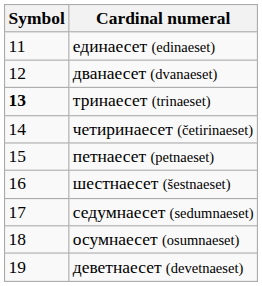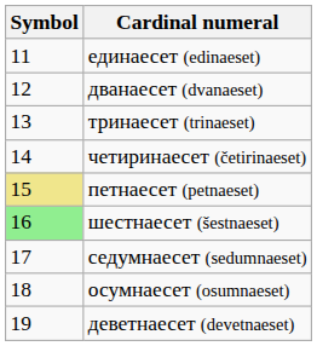 <table class="wikitable" align="center">
 <tr>
 <th>Symbol</th>
 <th>Cardinal numeral</th>
 </tr>
 <tr>
 <td>11</td>
 <td>единаесет <small>(edinaeset)</small></td>
 </tr>
 <tr>
 <td>12</td>
 <td>дванаесет <small>(dvanaeset)</small></td>
 </tr>
 <tr>
-<td><strong>13</strong></td>
+<td>13</td>
 <td>тринаесет <small>(trinaeset)</small></td>
 </tr>
 <tr>
 <td>14</td>
 <td>четиринаесет <small>(četirinaeset)</small></td>
 </tr>
 <tr>
-<td>15</td>
+<td style="background: khaki;">15</td>
 <td>петнаесет <small>(petnaeset)</small></td>
 </tr>
 <tr>
-<td>16</td>
+<td style="background: lightgreen;">16</td>
 <td>шестнаесет <small>(šestnaeset)</small></td>
 </tr>
 <tr>
 <td>17</td>
 <td>седумнаесет <small>(sedumnaeset)</small></td>
 </tr>
 <tr>
 <td>18</td>
 <td>осумнаесет <small>(osumnaeset)</small></td>
 </tr>
 <tr>
 <td>19</td>
 <td>деветнаесет <small>(devetnaeset)</small></td>
 </tr>
 </table>
